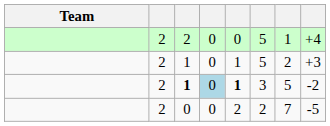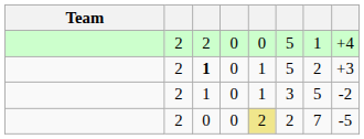 <table class= "wikitable"; style= "text-align:center">
 <tr>
 <th width=150px>Team</th>
 <th width=20px></th>
 <th width=20px></th>
 <th width=20px></th>
 <th width=20px></th>
 <th width=20px></th>
 <th width=20px></th>
 <th width=20px></th>
 </tr>
 <tr bgcolor=#ccffcc>
 <td></td>
 <td>2</td>
 <td>2</td>
 <td>0</td>
 <td>0</td>
 <td>5</td>
 <td>1</td>
 <td>+4</td>
 </tr>
 <tr>
 <td></td>
 <td>2</td>
-<td>1</td>
+<td><strong>1</strong></td>
 <td>0</td>
 <td>1</td>
 <td>5</td>
 <td>2</td>
 <td>+3</td>
 </tr>
 <tr>
 <td></td>
 <td>2</td>
-<td><strong>1</strong></td>
-<td style="background: lightblue;">0</td>
-<td><strong>1</strong></td>
+<td>1</td>
+<td>0</td>
+<td>1</td>
 <td>3</td>
 <td>5</td>
 <td>-2</td>
 </tr>
 <tr>
 <td></td>
 <td>2</td>
 <td>0</td>
 <td>0</td>
-<td>2</td>
+<td style="background: khaki;">2</td>
 <td>2</td>
 <td>7</td>
 <td>-5</td>
 </tr>
 </table>
